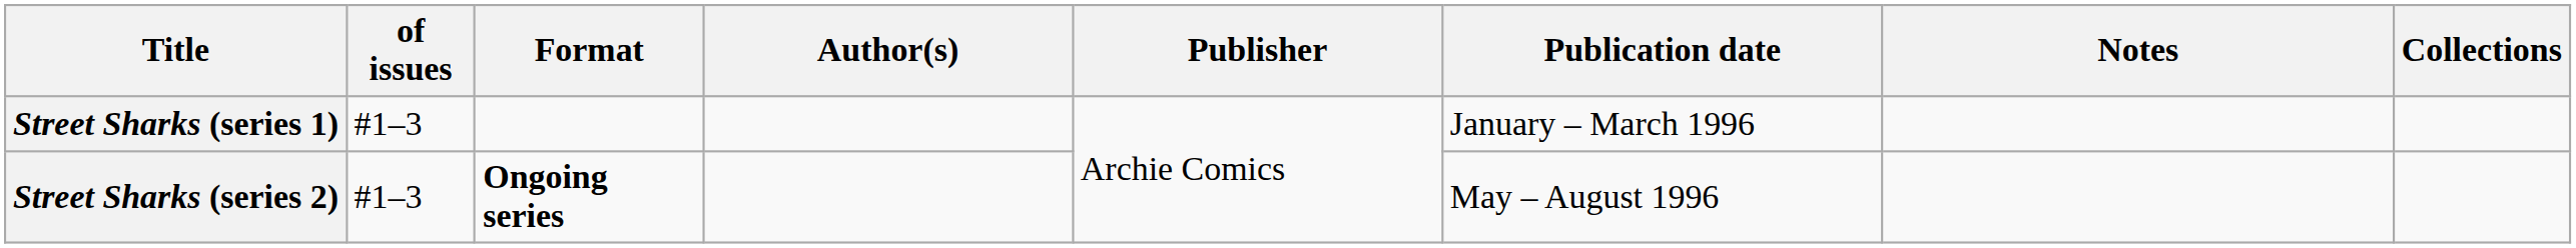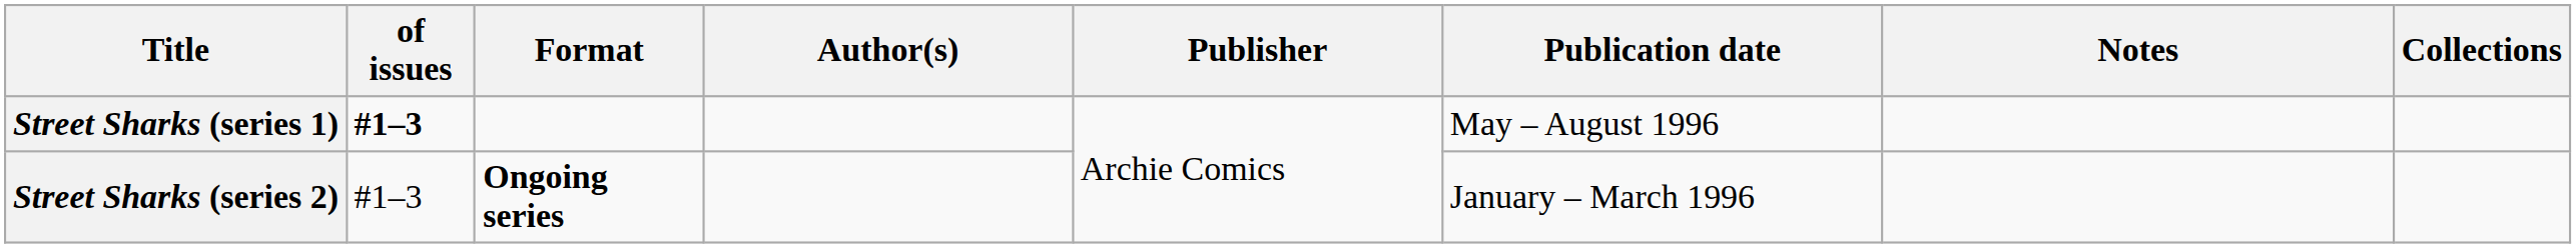 <table class="wikitable">
 <tr>
 <th>Title</th>
 <th style="width:40pt"> of issues</th>
 <th style="width:75pt">Format</th>
 <th style="width:125pt">Author(s)</th>
 <th style="width:125pt">Publisher</th>
 <th style="width:150pt">Publication date</th>
 <th style="width:175pt">Notes</th>
 <th>Collections</th>
 </tr>
 <tr>
 <th><em>Street Sharks</em> (series 1)</th>
-<td>#1–3</td>
+<td><strong>#1–3</strong></td>
 <td></td>
 <td></td>
 <td rowspan="2">Archie Comics</td>
-<td>January – March 1996</td>
+<td>May – August 1996</td>
 <td></td>
 <td></td>
 </tr>
 <tr>
 <th><em>Street Sharks</em> (series 2)</th>
 <td>#1–3</td>
 <td><strong>Ongoing series</strong></td>
 <td></td>
-<td>May – August 1996</td>
+<td>January – March 1996</td>
 <td></td>
 <td></td>
 </tr>
 </table>
